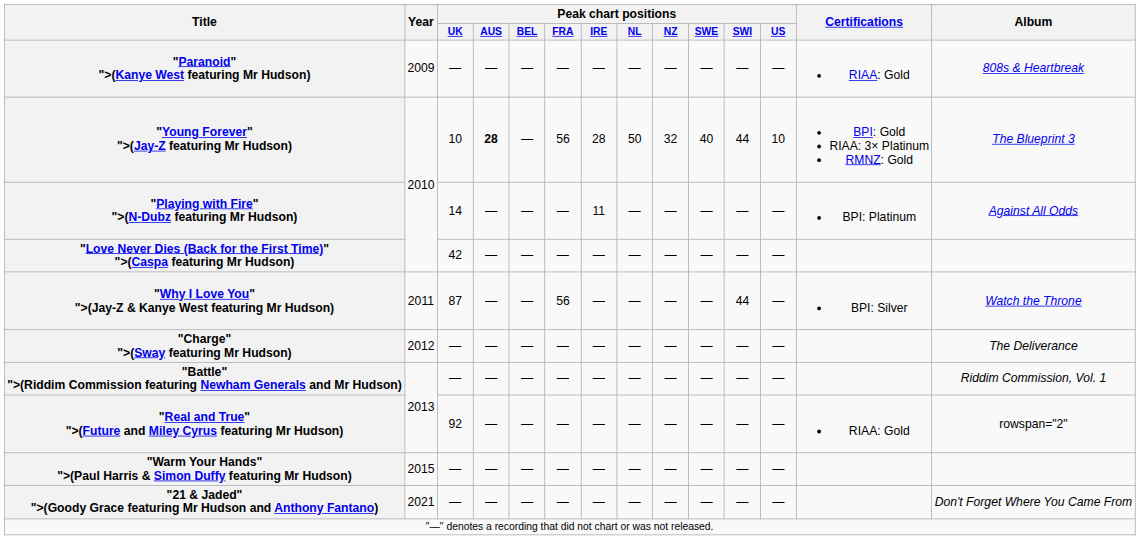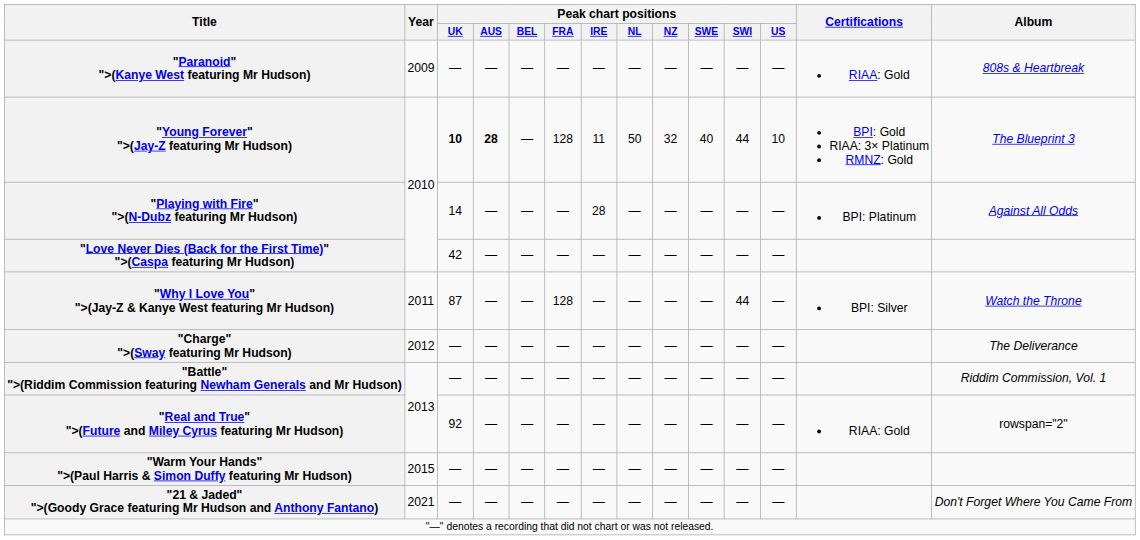 <table class="wikitable plainrowheaders" style="text-align:center;">
 <tr>
 <th scope="col" rowspan="2">Title</th>
 <th scope="col" rowspan="2">Year</th>
 <th scope="col" colspan="10">Peak chart positions</th>
 <th rowspan="2"><a href='#'>Certifications</a></th>
 <th rowspan="2" scope="col">Album</th>
 </tr>
 <tr>
 <th scope="col" style="width:3em;font-size:85%;"><a href='#'>UK</a><br></th>
 <th scope="col" style="width:3em;font-size:85%;"><a href='#'>AUS</a><br></th>
 <th scope="col" style="width:3em;font-size:85%;"><a href='#'>BEL</a><br></th>
 <th scope="col" style="width:3em;font-size:85%;"><a href='#'>FRA</a><br></th>
 <th scope="col" style="width:3em;font-size:85%;"><a href='#'>IRE</a><br></th>
 <th scope="col" style="width:3em;font-size:85%;"><a href='#'>NL</a><br></th>
 <th scope="col" style="width:3em;font-size:85%;"><a href='#'>NZ</a><br></th>
 <th scope="col" style="width:3em;font-size:85%;"><a href='#'>SWE</a><br></th>
 <th scope="col" style="width:3em;font-size:85%;"><a href='#'>SWI</a><br></th>
 <th scope="col" style="width:3em;font-size:85%;"><a href='#'>US</a><br></th>
 </tr>
 <tr>
 <th scope="row">"<a href='#'>Paranoid</a>"<br><span>">(<a href='#'>Kanye West</a> featuring Mr Hudson)</span></th>
 <td>2009</td>
 <td>—</td>
 <td>—</td>
 <td>—</td>
 <td>—</td>
 <td>—</td>
 <td>—</td>
 <td>—</td>
 <td>—</td>
 <td>—</td>
 <td>—</td>
 <td><br><ul><li><a href='#'>RIAA</a>: Gold</li></ul></td>
 <td><em><a href='#'>808s & Heartbreak</a></em></td>
 </tr>
 <tr>
 <th scope="row">"<a href='#'>Young Forever</a>"<br><span>">(<a href='#'>Jay-Z</a> featuring Mr Hudson)</span></th>
 <td rowspan="3">2010</td>
-<td>10</td>
+<td><strong>10</strong></td>
 <td><strong>28</strong></td>
 <td>—</td>
-<td>56</td>
-<td>28</td>
+<td>128</td>
+<td>11</td>
 <td>50</td>
 <td>32</td>
 <td>40</td>
 <td>44</td>
 <td>10</td>
 <td><br><ul><li><a href='#'>BPI</a>: Gold</li><li>RIAA: 3× Platinum</li><li><a href='#'>RMNZ</a>: Gold</li></ul></td>
 <td><em><a href='#'>The Blueprint 3</a></em></td>
 </tr>
 <tr>
 <th scope="row">"<a href='#'>Playing with Fire</a>"<br><span>">(<a href='#'>N-Dubz</a> featuring Mr Hudson)</span></th>
 <td>14</td>
 <td>—</td>
 <td>—</td>
 <td>—</td>
-<td>11</td>
+<td>28</td>
 <td>—</td>
 <td>—</td>
 <td>—</td>
 <td>—</td>
 <td>—</td>
 <td><br><ul><li>BPI: Platinum</li></ul></td>
 <td><em><a href='#'>Against All Odds</a></em></td>
 </tr>
 <tr>
 <th scope="row">"<a href='#'>Love Never Dies (Back for the First Time)</a>"<br><span>">(<a href='#'>Caspa</a> featuring Mr Hudson)</span></th>
 <td>42</td>
 <td>—</td>
 <td>—</td>
 <td>—</td>
 <td>—</td>
 <td>—</td>
 <td>—</td>
 <td>—</td>
 <td>—</td>
 <td>—</td>
 <td></td>
 <td></td>
 </tr>
 <tr>
 <th scope="row">"<a href='#'>Why I Love You</a>"<br><span>">(Jay-Z & Kanye West featuring Mr Hudson)</span></th>
 <td>2011</td>
 <td>87</td>
 <td>—</td>
 <td>—</td>
-<td>56</td>
+<td>128</td>
 <td>—</td>
 <td>—</td>
 <td>—</td>
 <td>—</td>
 <td>44</td>
 <td>—</td>
 <td><br><ul><li>BPI: Silver</li></ul></td>
 <td><em><a href='#'>Watch the Throne</a></em></td>
 </tr>
 <tr>
 <th scope="row">"Charge"<br><span>">(<a href='#'>Sway</a> featuring Mr Hudson)</span></th>
 <td>2012</td>
 <td>—</td>
 <td>—</td>
 <td>—</td>
 <td>—</td>
 <td>—</td>
 <td>—</td>
 <td>—</td>
 <td>—</td>
 <td>—</td>
 <td>—</td>
 <td></td>
 <td><em>The Deliverance</em></td>
 </tr>
 <tr>
 <th scope="row">"Battle"<br><span>">(Riddim Commission featuring <a href='#'>Newham Generals</a> and Mr Hudson)</span></th>
 <td rowspan="2">2013</td>
 <td>—</td>
 <td>—</td>
 <td>—</td>
 <td>—</td>
 <td>—</td>
 <td>—</td>
 <td>—</td>
 <td>—</td>
 <td>—</td>
 <td>—</td>
 <td></td>
 <td><em>Riddim Commission, Vol. 1</em></td>
 </tr>
 <tr>
 <th scope="row">"<a href='#'>Real and True</a>"<br><span>">(<a href='#'>Future</a> and <a href='#'>Miley Cyrus</a> featuring Mr Hudson)</span></th>
 <td>92</td>
 <td>—</td>
 <td>—</td>
 <td>—</td>
 <td>—</td>
 <td>—</td>
 <td>—</td>
 <td>—</td>
 <td>—</td>
 <td>—</td>
 <td><br><ul><li>RIAA: Gold</li></ul></td>
 <td>rowspan="2" </td>
 </tr>
 <tr>
 <th scope="row">"Warm Your Hands"<br><span>">(Paul Harris & <a href='#'>Simon Duffy</a> featuring Mr Hudson)</span></th>
 <td>2015</td>
 <td>—</td>
 <td>—</td>
 <td>—</td>
 <td>—</td>
 <td>—</td>
 <td>—</td>
 <td>—</td>
 <td>—</td>
 <td>—</td>
 <td>—</td>
 <td></td>
 </tr>
 <tr>
 <th scope="row">"21 & Jaded"<br><span>">(Goody Grace featuring Mr Hudson and <a href='#'>Anthony Fantano</a>)</span></th>
 <td>2021</td>
 <td>—</td>
 <td>—</td>
 <td>—</td>
 <td>—</td>
 <td>—</td>
 <td>—</td>
 <td>—</td>
 <td>—</td>
 <td>—</td>
 <td>—</td>
 <td></td>
 <td><em>Don't Forget Where You Came From</em></td>
 </tr>
 <tr>
 <td colspan="18" style="font-size:85%">"—" denotes a recording that did not chart or was not released.</td>
 </tr>
 </table>
